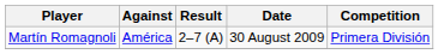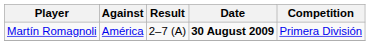 <table class="wikitable">
 <tr>
 <th>Player</th>
 <th>Against</th>
 <th>Result</th>
 <th>Date</th>
 <th>Competition</th>
 </tr>
 <tr>
 <td> <a href='#'>Martín Romagnoli</a></td>
 <td><a href='#'>América</a></td>
 <td>2–7 (A)</td>
-<td>30 August 2009</td>
+<td><strong>30 August 2009</strong></td>
 <td><a href='#'>Primera División</a></td>
 </tr>
 <tr>
 </tr>
 </table>
